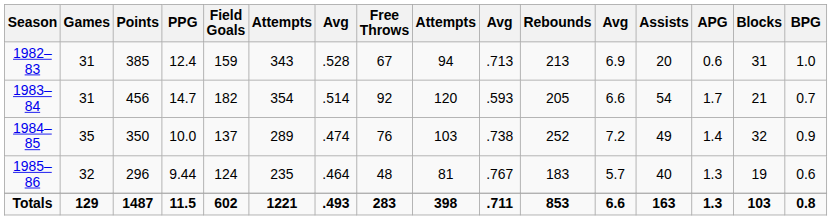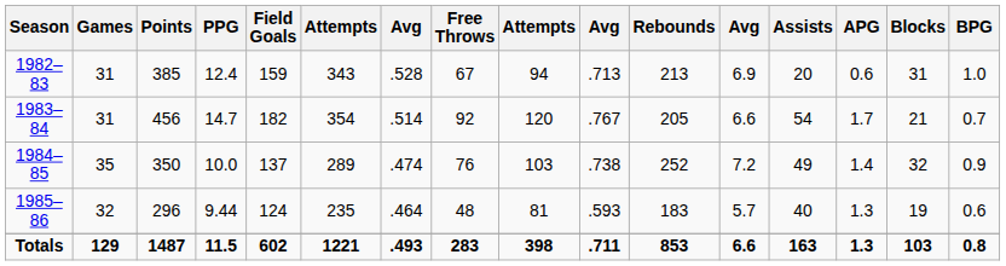 <table class="wikitable sortable" style="text-align:center">
 <tr>
 <th width=40px>Season</th>
 <th width=40px>Games</th>
 <th width=40px>Points</th>
 <th width=40px>PPG</th>
 <th width=40px>Field Goals</th>
 <th width=40px>Attempts</th>
 <th width=40px>Avg</th>
 <th width=40px>Free Throws</th>
 <th width=40px>Attempts</th>
 <th width=40px>Avg</th>
 <th width=40px>Rebounds</th>
 <th width=40px>Avg</th>
 <th width=40px>Assists</th>
 <th width=40px>APG</th>
 <th width=40px>Blocks</th>
 <th width=40px>BPG</th>
 </tr>
 <tr>
 <td><a href='#'>1982–83</a></td>
 <td>31</td>
 <td>385</td>
 <td>12.4</td>
 <td>159</td>
 <td>343</td>
 <td>.528</td>
 <td>67</td>
 <td>94</td>
 <td>.713</td>
 <td>213</td>
 <td>6.9</td>
 <td>20</td>
 <td>0.6</td>
 <td>31</td>
 <td>1.0</td>
 </tr>
 <tr>
 <td><a href='#'>1983–84</a></td>
 <td>31</td>
 <td>456</td>
 <td>14.7</td>
 <td>182</td>
 <td>354</td>
 <td>.514</td>
 <td>92</td>
 <td>120</td>
-<td>.593</td>
+<td>.767</td>
 <td>205</td>
 <td>6.6</td>
 <td>54</td>
 <td>1.7</td>
 <td>21</td>
 <td>0.7</td>
 </tr>
 <tr>
 <td><a href='#'>1984–85</a></td>
 <td>35</td>
 <td>350</td>
 <td>10.0</td>
 <td>137</td>
 <td>289</td>
 <td>.474</td>
 <td>76</td>
 <td>103</td>
 <td>.738</td>
 <td>252</td>
 <td>7.2</td>
 <td>49</td>
 <td>1.4</td>
 <td>32</td>
 <td>0.9</td>
 </tr>
 <tr>
 <td><a href='#'>1985–86</a></td>
 <td>32</td>
 <td>296</td>
 <td>9.44</td>
 <td>124</td>
 <td>235</td>
 <td>.464</td>
 <td>48</td>
 <td>81</td>
-<td>.767</td>
+<td>.593</td>
 <td>183</td>
 <td>5.7</td>
 <td>40</td>
 <td>1.3</td>
 <td>19</td>
 <td>0.6</td>
 </tr>
 <tr>
 </tr>
 <tr class="sortbottom">
 <td><strong>Totals</strong></td>
 <td><strong>129</strong></td>
 <td><strong>1487</strong></td>
 <td><strong>11.5</strong></td>
 <td><strong>602</strong></td>
 <td><strong>1221</strong></td>
 <td><strong>.493</strong></td>
 <td><strong>283</strong></td>
 <td><strong>398</strong></td>
 <td><strong>.711</strong></td>
 <td><strong>853</strong></td>
 <td><strong>6.6</strong></td>
 <td><strong>163</strong></td>
 <td><strong>1.3</strong></td>
 <td><strong>103</strong></td>
 <td><strong>0.8</strong></td>
 </tr>
 </table>
